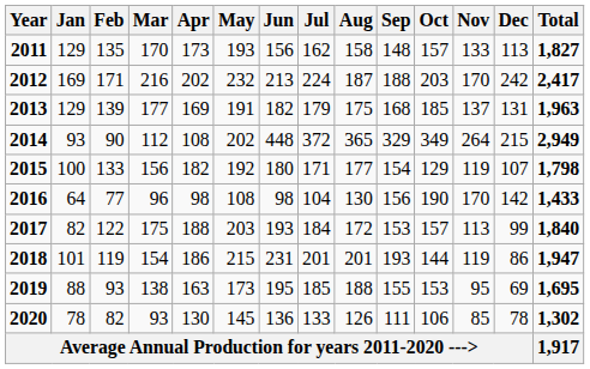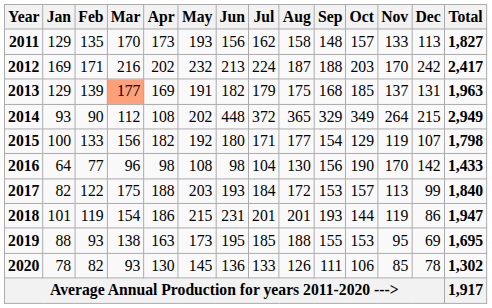 <table class=wikitable>
 <tr>
 <th>Year</th>
 <th>Jan</th>
 <th>Feb</th>
 <th>Mar</th>
 <th>Apr</th>
 <th>May</th>
 <th>Jun</th>
 <th>Jul</th>
 <th>Aug</th>
 <th>Sep</th>
 <th>Oct</th>
 <th>Nov</th>
 <th>Dec</th>
 <th>Total</th>
 </tr>
 <tr align=right>
 <td><strong>2011</strong></td>
 <td>129</td>
 <td>135</td>
 <td>170</td>
 <td>173</td>
 <td>193</td>
 <td>156</td>
 <td>162</td>
 <td>158</td>
 <td>148</td>
 <td>157</td>
 <td>133</td>
 <td>113</td>
 <td><strong>1,827</strong></td>
 </tr>
 <tr align=right>
 <td><strong>2012</strong></td>
 <td>169</td>
 <td>171</td>
 <td>216</td>
 <td>202</td>
 <td>232</td>
 <td>213</td>
 <td>224</td>
 <td>187</td>
 <td>188</td>
 <td>203</td>
 <td>170</td>
 <td>242</td>
 <td><strong>2,417</strong></td>
 </tr>
 <tr align=right>
 <td><strong>2013</strong></td>
 <td>129</td>
 <td>139</td>
-<td>177</td>
+<td style="background: lightsalmon;">177</td>
 <td>169</td>
 <td>191</td>
 <td>182</td>
 <td>179</td>
 <td>175</td>
 <td>168</td>
 <td>185</td>
 <td>137</td>
 <td>131</td>
 <td><strong>1,963</strong></td>
 </tr>
 <tr align=right>
 <td><strong>2014</strong></td>
 <td>93</td>
 <td>90</td>
 <td>112</td>
 <td>108</td>
 <td>202</td>
 <td>448</td>
 <td>372</td>
 <td>365</td>
 <td>329</td>
 <td>349</td>
 <td>264</td>
 <td>215</td>
 <td><strong>2,949</strong></td>
 </tr>
 <tr align=right>
 <td><strong>2015</strong></td>
 <td>100</td>
 <td>133</td>
 <td>156</td>
 <td>182</td>
 <td>192</td>
 <td>180</td>
 <td>171</td>
 <td>177</td>
 <td>154</td>
 <td>129</td>
 <td>119</td>
 <td>107</td>
 <td><strong>1,798</strong></td>
 </tr>
 <tr align=right>
 <td><strong>2016</strong></td>
 <td>64</td>
 <td>77</td>
 <td>96</td>
 <td>98</td>
 <td>108</td>
 <td>98</td>
 <td>104</td>
 <td>130</td>
 <td>156</td>
 <td>190</td>
 <td>170</td>
 <td>142</td>
 <td><strong>1,433</strong></td>
 </tr>
 <tr align=right>
 <td><strong>2017</strong></td>
 <td>82</td>
 <td>122</td>
 <td>175</td>
 <td>188</td>
 <td>203</td>
 <td>193</td>
 <td>184</td>
 <td>172</td>
 <td>153</td>
 <td>157</td>
 <td>113</td>
 <td>99</td>
 <td><strong>1,840</strong></td>
 </tr>
 <tr align=right>
 <td><strong>2018</strong></td>
 <td>101</td>
 <td>119</td>
 <td>154</td>
 <td>186</td>
 <td>215</td>
 <td>231</td>
 <td>201</td>
 <td>201</td>
 <td>193</td>
 <td>144</td>
 <td>119</td>
 <td>86</td>
 <td><strong>1,947</strong></td>
 </tr>
 <tr align=right>
 <td><strong>2019</strong></td>
 <td>88</td>
 <td>93</td>
 <td>138</td>
 <td>163</td>
 <td>173</td>
 <td>195</td>
 <td>185</td>
 <td>188</td>
 <td>155</td>
 <td>153</td>
 <td>95</td>
 <td>69</td>
 <td><strong>1,695</strong></td>
 </tr>
 <tr align=right>
 <td><strong>2020</strong></td>
 <td>78</td>
 <td>82</td>
 <td>93</td>
 <td>130</td>
 <td>145</td>
 <td>136</td>
 <td>133</td>
 <td>126</td>
 <td>111</td>
 <td>106</td>
 <td>85</td>
 <td>78</td>
 <td><strong>1,302</strong></td>
 </tr>
 <tr align=right>
 <th colspan=13>Average Annual Production for years 2011-2020 ---></th>
 <th>1,917</th>
 </tr>
 </table>
